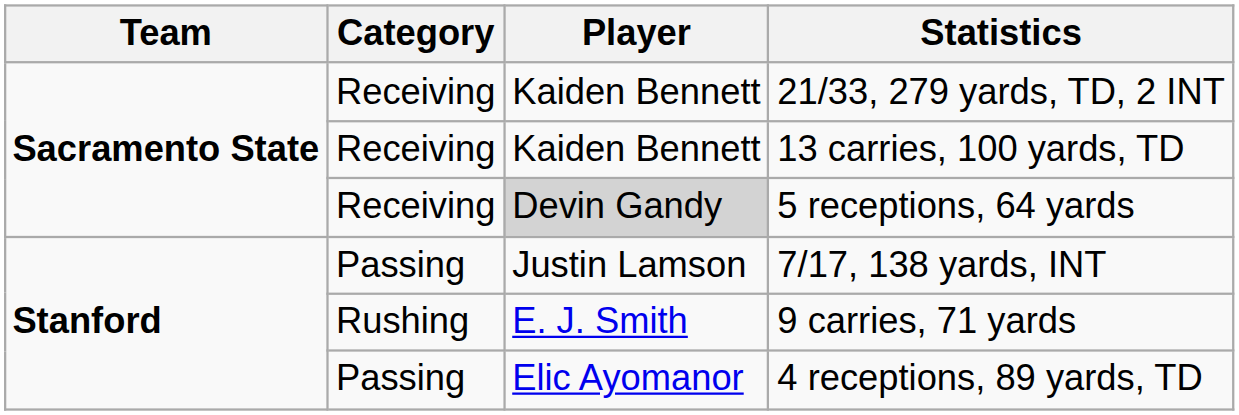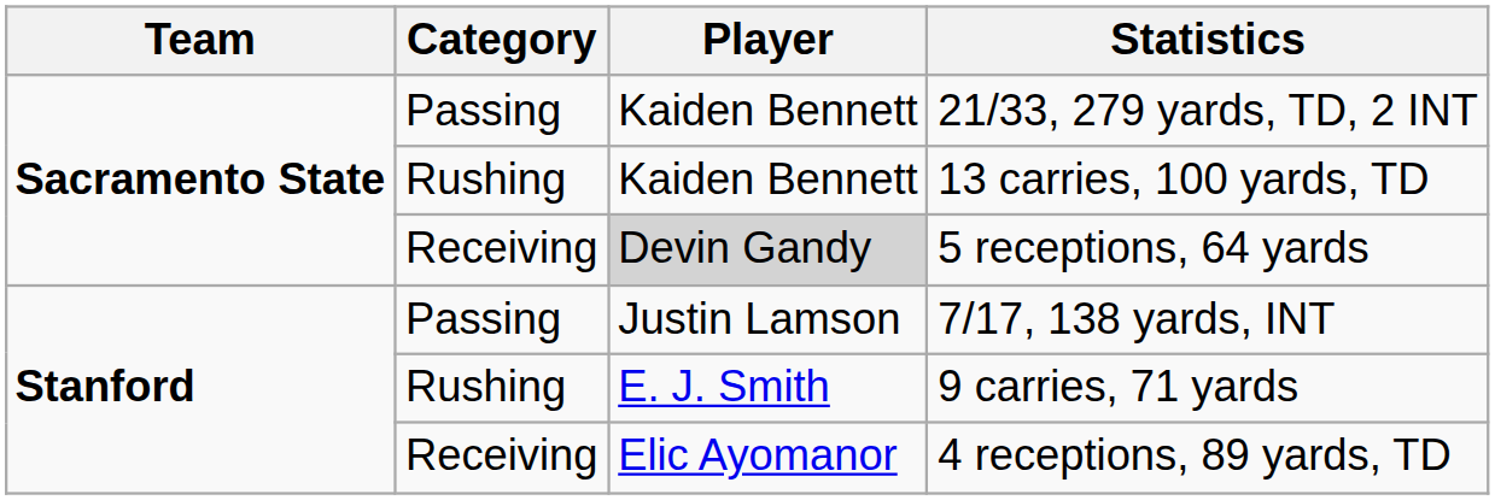 <table class="wikitable" style="float: right;">
 <tr>
 <th>Team</th>
 <th>Category</th>
 <th>Player</th>
 <th>Statistics</th>
 </tr>
 <tr>
 <td rowspan=3><strong>Sacramento State</strong></td>
-<td>Receiving</td>
+<td>Passing</td>
 <td>Kaiden Bennett</td>
 <td>21/33, 279 yards, TD, 2 INT</td>
 </tr>
 <tr>
-<td>Receiving</td>
+<td>Rushing</td>
 <td>Kaiden Bennett</td>
 <td>13 carries, 100 yards, TD</td>
 </tr>
 <tr>
 <td>Receiving</td>
 <td style="background: lightgrey;">Devin Gandy</td>
 <td>5 receptions, 64 yards</td>
 </tr>
 <tr>
 <td rowspan=3><strong>Stanford</strong></td>
 <td>Passing</td>
 <td>Justin Lamson</td>
 <td>7/17, 138 yards, INT</td>
 </tr>
 <tr>
 <td>Rushing</td>
 <td><a href='#'>E. J. Smith</a></td>
 <td>9 carries, 71 yards</td>
 </tr>
 <tr>
-<td>Passing</td>
+<td>Receiving</td>
 <td><a href='#'>Elic Ayomanor</a></td>
 <td>4 receptions, 89 yards, TD</td>
 </tr>
 </table>
